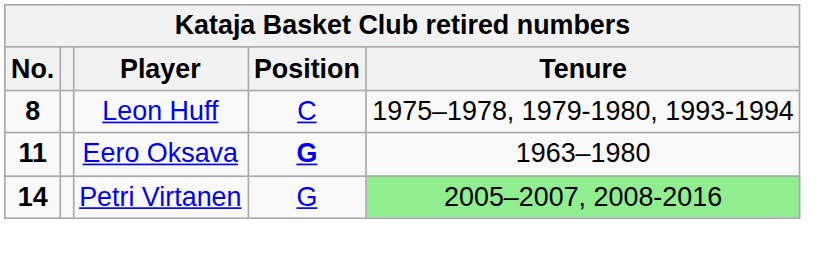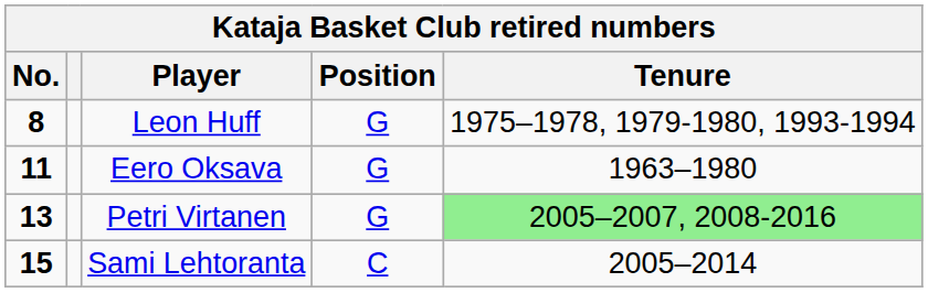 <table class="wikitable" style="text-align:center">
 <tr>
 <th colspan="5">Kataja Basket Club retired numbers</th>
 </tr>
 <tr>
 <th>No.</th>
 <th></th>
 <th>Player</th>
 <th>Position</th>
 <th>Tenure</th>
 </tr>
 <tr>
 <td><strong>8</strong></td>
 <td></td>
 <td><a href='#'>Leon Huff</a></td>
-<td><a href='#'>C</a></td>
+<td><a href='#'>G</a></td>
 <td>1975–1978, 1979-1980, 1993-1994</td>
 </tr>
 <tr>
 <td><strong>11</strong></td>
 <td></td>
 <td><a href='#'>Eero Oksava</a></td>
-<td><strong><a href='#'>G</a></strong></td>
+<td><a href='#'>G</a></td>
 <td>1963–1980</td>
 </tr>
 <tr>
-<td><strong>14</strong></td>
+<td><strong>13</strong></td>
 <td></td>
 <td><a href='#'>Petri Virtanen</a></td>
 <td><a href='#'>G</a></td>
 <td style="background: lightgreen;">2005–2007, 2008-2016</td>
 </tr>
+<tr>
+<td><strong>15</strong></td>
+<td></td>
+<td><a href='#'>Sami Lehtoranta</a></td>
+<td><a href='#'>C</a></td>
+<td>2005–2014</td>
+</tr>
 </table>
